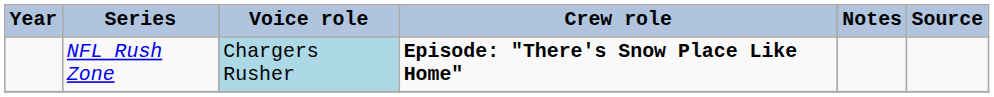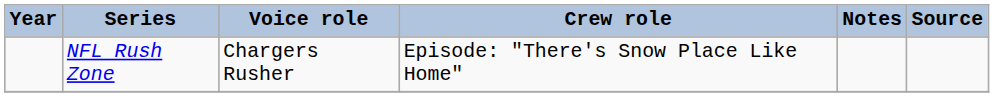 <table class="wikitable sortable plainrowheaders" style="width=95%;  font-size: 95%;">
 <tr>
 <th style="background:#b0c4de;">Year </th>
 <th style="background:#b0c4de;">Series</th>
 <th style="background:#b0c4de;">Voice role </th>
 <th style="background:#b0c4de;">Crew role</th>
 <th style="background:#b0c4de;" class="unsortable">Notes </th>
 <th style="background:#b0c4de;" class="unsortable">Source</th>
 </tr>
 <tr>
 <td></td>
 <td><em><a href='#'>NFL Rush Zone</a></em></td>
-<td style="background: lightblue;">Chargers Rusher</td>
-<td><strong>Episode: "There's Snow Place Like Home"</strong></td>
+<td>Chargers Rusher</td>
+<td>Episode: "There's Snow Place Like Home"</td>
 <td></td>
 <td></td>
 </tr>
 <tr>
 </tr>
 </table>
